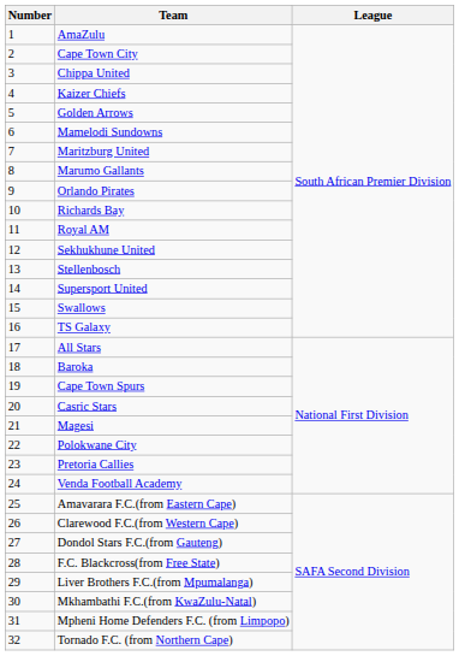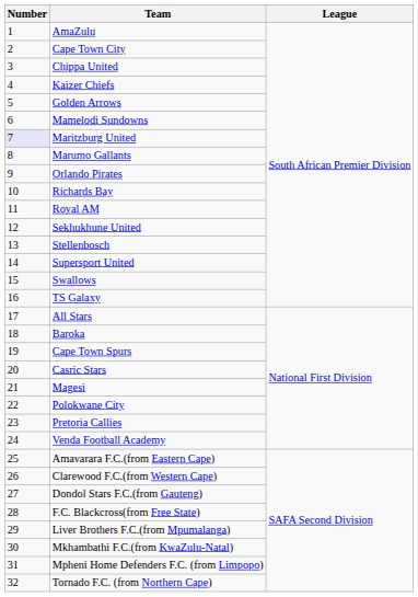 <table class="wikitable">
 <tr>
 <th>Number</th>
 <th>Team</th>
 <th>League</th>
 </tr>
 <tr>
 <td>1</td>
 <td><a href='#'>AmaZulu</a></td>
 <td rowspan="16"><a href='#'>South African Premier Division</a></td>
 </tr>
 <tr>
 <td>2</td>
 <td><a href='#'>Cape Town City</a></td>
 </tr>
 <tr>
 <td>3</td>
 <td><a href='#'>Chippa United</a></td>
 </tr>
 <tr>
 <td>4</td>
 <td><a href='#'>Kaizer Chiefs</a></td>
 </tr>
 <tr>
 <td>5</td>
 <td><a href='#'>Golden Arrows</a></td>
 </tr>
 <tr>
 <td>6</td>
 <td><a href='#'>Mamelodi Sundowns</a></td>
 </tr>
 <tr>
-<td>7</td>
+<td style="background: lavender;">7</td>
 <td><a href='#'>Maritzburg United</a></td>
 </tr>
 <tr>
 <td>8</td>
 <td><a href='#'>Marumo Gallants</a></td>
 </tr>
 <tr>
 <td>9</td>
 <td><a href='#'>Orlando Pirates</a></td>
 </tr>
 <tr>
 <td>10</td>
 <td><a href='#'>Richards Bay</a></td>
 </tr>
 <tr>
 <td>11</td>
 <td><a href='#'>Royal AM</a></td>
 </tr>
 <tr>
 <td>12</td>
 <td><a href='#'>Sekhukhune United</a></td>
 </tr>
 <tr>
 <td>13</td>
 <td><a href='#'>Stellenbosch</a></td>
 </tr>
 <tr>
 <td>14</td>
 <td><a href='#'>Supersport United</a></td>
 </tr>
 <tr>
 <td>15</td>
 <td><a href='#'>Swallows</a></td>
 </tr>
 <tr>
 <td>16</td>
 <td><a href='#'>TS Galaxy</a></td>
 </tr>
 <tr>
 <td>17</td>
 <td><a href='#'>All Stars</a></td>
 <td rowspan="8"><a href='#'>National First Division</a></td>
 </tr>
 <tr>
 <td>18</td>
 <td><a href='#'>Baroka</a></td>
 </tr>
 <tr>
 <td>19</td>
 <td><a href='#'>Cape Town Spurs</a></td>
 </tr>
 <tr>
 <td>20</td>
 <td><a href='#'>Casric Stars</a></td>
 </tr>
 <tr>
 <td>21</td>
 <td><a href='#'>Magesi</a></td>
 </tr>
 <tr>
 <td>22</td>
 <td><a href='#'>Polokwane City</a></td>
 </tr>
 <tr>
 <td>23</td>
 <td><a href='#'>Pretoria Callies</a></td>
 </tr>
 <tr>
 <td>24</td>
 <td><a href='#'>Venda Football Academy</a></td>
 </tr>
 <tr>
 <td>25</td>
 <td>Amavarara F.C.(from <a href='#'>Eastern Cape</a>)</td>
 <td rowspan="8"><a href='#'>SAFA Second Division</a></td>
 </tr>
 <tr>
 <td>26</td>
 <td>Clarewood F.C.(from <a href='#'>Western Cape</a>)</td>
 </tr>
 <tr>
 <td>27</td>
 <td>Dondol Stars F.C.(from <a href='#'>Gauteng</a>)</td>
 </tr>
 <tr>
 <td>28</td>
 <td>F.C. Blackcross(from <a href='#'>Free State</a>)</td>
 </tr>
 <tr>
 <td>29</td>
 <td>Liver Brothers F.C.(from <a href='#'>Mpumalanga</a>)</td>
 </tr>
 <tr>
 <td>30</td>
 <td>Mkhambathi F.C.(from <a href='#'>KwaZulu-Natal</a>)</td>
 </tr>
 <tr>
 <td>31</td>
 <td>Mpheni Home Defenders F.C. (from <a href='#'>Limpopo</a>)</td>
 </tr>
 <tr>
 <td>32</td>
 <td>Tornado F.C. (from <a href='#'>Northern Cape</a>)</td>
 </tr>
 </table>
